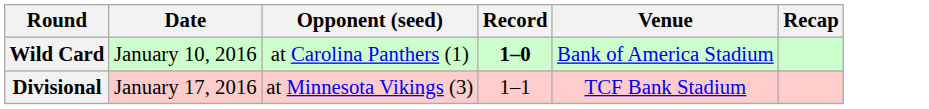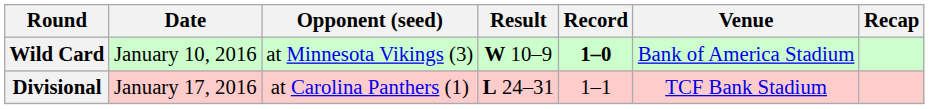 <table class="wikitable" style="text-align:center">
 <tr>
 <th>Round</th>
 <th>Date</th>
 <th>Opponent (seed)</th>
+<th>Result</th>
 <th>Record</th>
 <th>Venue</th>
 <th>Recap</th>
 </tr>
 <tr style="background:#cfc">
 <th>Wild Card</th>
 <td>January 10, 2016</td>
-<td>at <a href='#'>Carolina Panthers</a> (1)</td>
+<td>at <a href='#'>Minnesota Vikings</a> (3)</td>
+<td><strong>W</strong> 10–9</td>
 <td><strong>1–0</strong></td>
 <td><a href='#'>Bank of America Stadium</a></td>
 <td></td>
 </tr>
 <tr style="background:#fcc">
 <th>Divisional</th>
 <td>January 17, 2016</td>
-<td>at <a href='#'>Minnesota Vikings</a> (3)</td>
+<td>at <a href='#'>Carolina Panthers</a> (1)</td>
+<td><strong>L</strong> 24–31</td>
 <td>1–1</td>
 <td><a href='#'>TCF Bank Stadium</a></td>
 <td></td>
 </tr>
 </table>
